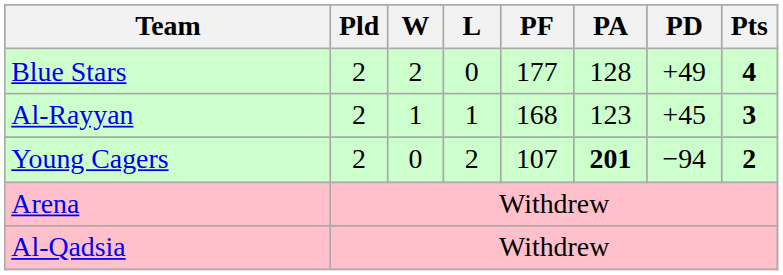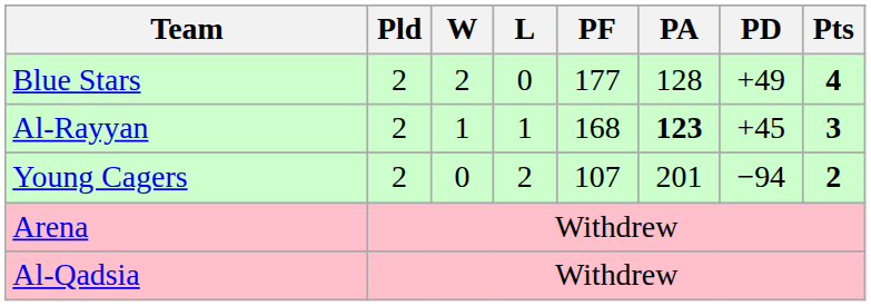 <table class="wikitable" style="text-align:center;">
 <tr>
 <th width=180>Team</th>
 <th width=25>Pld</th>
 <th width=25>W</th>
 <th width=25>L</th>
 <th width=35>PF</th>
 <th width=35>PA</th>
 <th width=35>PD</th>
 <th width=25>Pts</th>
 </tr>
 <tr bgcolor="#ccffcc">
 <td align="left"> <a href='#'>Blue Stars</a></td>
 <td>2</td>
 <td>2</td>
 <td>0</td>
 <td>177</td>
 <td>128</td>
 <td>+49</td>
 <td><strong>4</strong></td>
 </tr>
 <tr bgcolor="#ccffcc">
 <td align="left"> <a href='#'>Al-Rayyan</a></td>
 <td>2</td>
 <td>1</td>
 <td>1</td>
 <td>168</td>
-<td>123</td>
+<td><strong>123</strong></td>
 <td>+45</td>
 <td><strong>3</strong></td>
 </tr>
 <tr bgcolor="#ccffcc">
 <td align="left"> <a href='#'>Young Cagers</a></td>
 <td>2</td>
 <td>0</td>
 <td>2</td>
 <td>107</td>
-<td><strong>201</strong></td>
+<td>201</td>
 <td>−94</td>
 <td><strong>2</strong></td>
 </tr>
 <tr bgcolor=pink>
 <td align="left"> <a href='#'>Arena</a></td>
 <td colspan=7>Withdrew</td>
 </tr>
 <tr bgcolor=pink>
 <td align="left"> <a href='#'>Al-Qadsia</a></td>
 <td colspan=7>Withdrew</td>
 </tr>
 </table>
